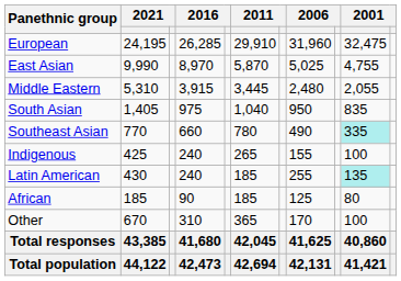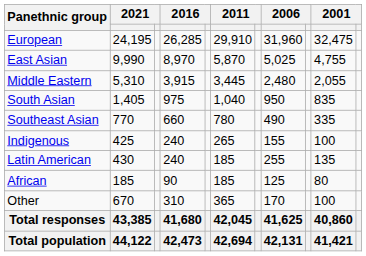 <table class="wikitable collapsible sortable">
 <tr>
 <th rowspan="2">Panethnic group</th>
 <th colspan="2">2021</th>
 <th colspan="2">2016</th>
 <th colspan="2">2011</th>
 <th colspan="2">2006</th>
 <th colspan="2">2001</th>
 </tr>
 <tr>
 <th><a href='#'></a></th>
 <th></th>
 <th></th>
 <th></th>
 <th></th>
 <th></th>
 <th></th>
 <th></th>
 <th></th>
 <th></th>
 </tr>
 <tr>
 <td><a href='#'>European</a></td>
 <td>24,195</td>
 <td></td>
 <td>26,285</td>
 <td></td>
 <td>29,910</td>
 <td></td>
 <td>31,960</td>
 <td></td>
 <td>32,475</td>
 <td></td>
 </tr>
 <tr>
 <td><a href='#'>East Asian</a></td>
 <td>9,990</td>
 <td></td>
 <td>8,970</td>
 <td></td>
 <td>5,870</td>
 <td></td>
 <td>5,025</td>
 <td></td>
 <td>4,755</td>
 <td></td>
 </tr>
 <tr>
 <td><a href='#'>Middle Eastern</a></td>
 <td>5,310</td>
 <td></td>
 <td>3,915</td>
 <td></td>
 <td>3,445</td>
 <td></td>
 <td>2,480</td>
 <td></td>
 <td>2,055</td>
 <td></td>
 </tr>
 <tr>
 <td><a href='#'>South Asian</a></td>
 <td>1,405</td>
 <td></td>
 <td>975</td>
 <td></td>
 <td>1,040</td>
 <td></td>
 <td>950</td>
 <td></td>
 <td>835</td>
 <td></td>
 </tr>
 <tr>
 <td><a href='#'>Southeast Asian</a></td>
 <td>770</td>
 <td></td>
 <td>660</td>
 <td></td>
 <td>780</td>
 <td></td>
 <td>490</td>
 <td></td>
-<td style="background: paleturquoise;">335</td>
+<td>335</td>
 <td></td>
 </tr>
 <tr>
 <td><a href='#'>Indigenous</a></td>
 <td>425</td>
 <td></td>
 <td>240</td>
 <td></td>
 <td>265</td>
 <td></td>
 <td>155</td>
 <td></td>
 <td>100</td>
 <td></td>
 </tr>
 <tr>
 <td><a href='#'>Latin American</a></td>
 <td>430</td>
 <td></td>
 <td>240</td>
 <td></td>
 <td>185</td>
 <td></td>
 <td>255</td>
 <td></td>
-<td style="background: paleturquoise;">135</td>
+<td>135</td>
 <td></td>
 </tr>
 <tr>
 <td><a href='#'>African</a></td>
 <td>185</td>
 <td></td>
 <td>90</td>
 <td></td>
 <td>185</td>
 <td></td>
 <td>125</td>
 <td></td>
 <td>80</td>
 <td></td>
 </tr>
 <tr>
 <td>Other</td>
 <td>670</td>
 <td></td>
 <td>310</td>
 <td></td>
 <td>365</td>
 <td></td>
 <td>170</td>
 <td></td>
 <td>100</td>
 <td></td>
 </tr>
 <tr>
 <th>Total responses</th>
 <th>43,385</th>
 <th></th>
 <th>41,680</th>
 <th></th>
 <th>42,045</th>
 <th></th>
 <th>41,625</th>
 <th></th>
 <th>40,860</th>
 <th></th>
 </tr>
 <tr>
 <th>Total population</th>
 <th>44,122</th>
 <th></th>
 <th>42,473</th>
 <th></th>
 <th>42,694</th>
 <th></th>
 <th>42,131</th>
 <th></th>
 <th>41,421</th>
 <th></th>
 </tr>
 </table>
